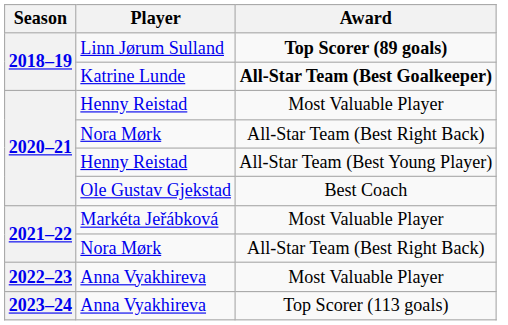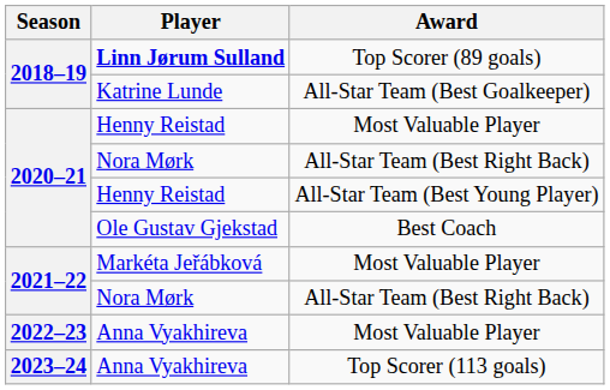 <table class="wikitable" style="text-align: center;">
 <tr>
 <th>Season</th>
 <th class="unsortable">Player</th>
 <th>Award</th>
 </tr>
 <tr>
 <th rowspan="2"><a href='#'>2018–19</a></th>
-<td style="text-align: left;"> <a href='#'>Linn Jørum Sulland</a></td>
-<td><strong>Top Scorer (89 goals)</strong></td>
+<td style="text-align: left;"><strong> <a href='#'>Linn Jørum Sulland</a></strong></td>
+<td>Top Scorer (89 goals)</td>
 </tr>
 <tr>
 <td style="text-align: left;"> <a href='#'>Katrine Lunde</a></td>
-<td><strong>All-Star Team (Best Goalkeeper)</strong></td>
+<td>All-Star Team (Best Goalkeeper)</td>
 </tr>
 <tr>
 <th rowspan="4"><a href='#'>2020–21</a></th>
 <td style="text-align: left;"> <a href='#'>Henny Reistad</a></td>
 <td>Most Valuable Player</td>
 </tr>
 <tr>
 <td style="text-align: left;"> <a href='#'>Nora Mørk</a></td>
 <td>All-Star Team (Best Right Back)</td>
 </tr>
 <tr>
 <td style="text-align: left;"> <a href='#'>Henny Reistad</a></td>
 <td>All-Star Team (Best Young Player)</td>
 </tr>
 <tr>
 <td style="text-align: left;"> <a href='#'>Ole Gustav Gjekstad</a></td>
 <td>Best Coach</td>
 </tr>
 <tr>
 <th rowspan="2"><a href='#'>2021–22</a></th>
 <td style="text-align: left;"> <a href='#'>Markéta Jeřábková</a></td>
 <td>Most Valuable Player</td>
 </tr>
 <tr>
 <td style="text-align: left;"> <a href='#'>Nora Mørk</a></td>
 <td>All-Star Team (Best Right Back)</td>
 </tr>
 <tr>
 <th rowspan="1"><a href='#'>2022–23</a></th>
 <td style="text-align: left;"> <a href='#'>Anna Vyakhireva</a></td>
 <td>Most Valuable Player</td>
 </tr>
 <tr>
 <th rowspan="1"><a href='#'>2023–24</a></th>
 <td style="text-align: left;"> <a href='#'>Anna Vyakhireva</a></td>
 <td>Top Scorer (113 goals)</td>
 </tr>
 </table>
